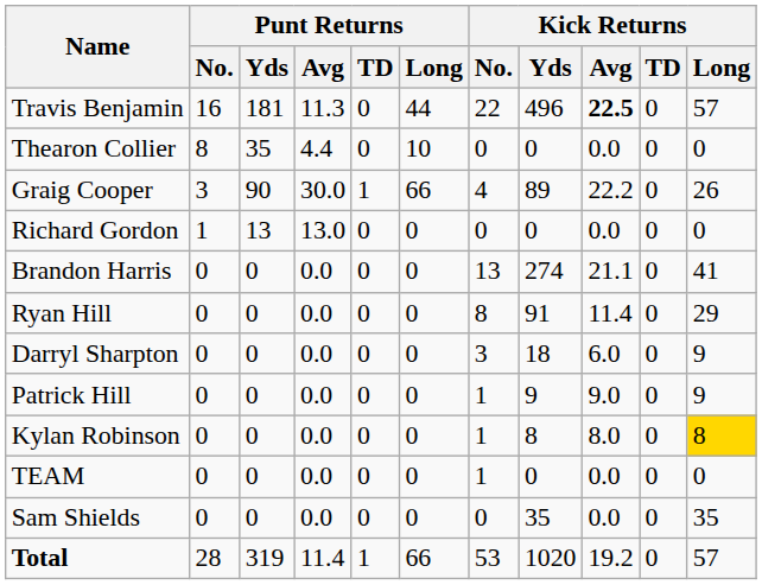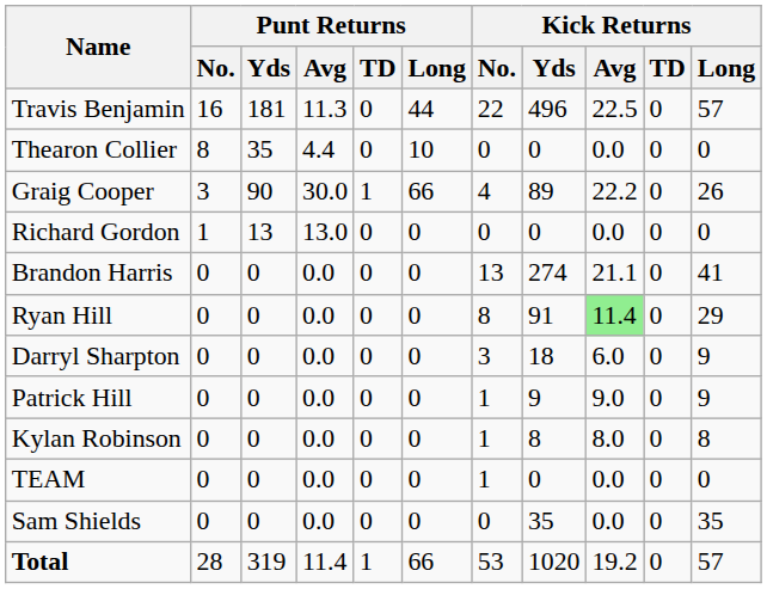 <table class="wikitable" style="white-space:nowrap;">
 <tr>
 <th rowspan="2">Name</th>
 <th colspan="5">Punt Returns</th>
 <th colspan="5">Kick Returns</th>
 </tr>
 <tr>
 <th>No.</th>
 <th>Yds</th>
 <th>Avg</th>
 <th>TD</th>
 <th>Long</th>
 <th>No.</th>
 <th>Yds</th>
 <th>Avg</th>
 <th>TD</th>
 <th>Long</th>
 </tr>
 <tr>
 <td>Travis Benjamin</td>
 <td>16</td>
 <td>181</td>
 <td>11.3</td>
 <td>0</td>
 <td>44</td>
 <td>22</td>
 <td>496</td>
-<td><strong>22.5</strong></td>
+<td>22.5</td>
 <td>0</td>
 <td>57</td>
 </tr>
 <tr>
 <td>Thearon Collier</td>
 <td>8</td>
 <td>35</td>
 <td>4.4</td>
 <td>0</td>
 <td>10</td>
 <td>0</td>
 <td>0</td>
 <td>0.0</td>
 <td>0</td>
 <td>0</td>
 </tr>
 <tr>
 <td>Graig Cooper</td>
 <td>3</td>
 <td>90</td>
 <td>30.0</td>
 <td>1</td>
 <td>66</td>
 <td>4</td>
 <td>89</td>
 <td>22.2</td>
 <td>0</td>
 <td>26</td>
 </tr>
 <tr>
 <td>Richard Gordon</td>
 <td>1</td>
 <td>13</td>
 <td>13.0</td>
 <td>0</td>
 <td>0</td>
 <td>0</td>
 <td>0</td>
 <td>0.0</td>
 <td>0</td>
 <td>0</td>
 </tr>
 <tr>
 <td>Brandon Harris</td>
 <td>0</td>
 <td>0</td>
 <td>0.0</td>
 <td>0</td>
 <td>0</td>
 <td>13</td>
 <td>274</td>
 <td>21.1</td>
 <td>0</td>
 <td>41</td>
 </tr>
 <tr>
 <td>Ryan Hill</td>
 <td>0</td>
 <td>0</td>
 <td>0.0</td>
 <td>0</td>
 <td>0</td>
 <td>8</td>
 <td>91</td>
-<td>11.4</td>
+<td style="background: lightgreen;">11.4</td>
 <td>0</td>
 <td>29</td>
 </tr>
 <tr>
 <td>Darryl Sharpton</td>
 <td>0</td>
 <td>0</td>
 <td>0.0</td>
 <td>0</td>
 <td>0</td>
 <td>3</td>
 <td>18</td>
 <td>6.0</td>
 <td>0</td>
 <td>9</td>
 </tr>
 <tr>
 <td>Patrick Hill</td>
 <td>0</td>
 <td>0</td>
 <td>0.0</td>
 <td>0</td>
 <td>0</td>
 <td>1</td>
 <td>9</td>
 <td>9.0</td>
 <td>0</td>
 <td>9</td>
 </tr>
 <tr>
 <td>Kylan Robinson</td>
 <td>0</td>
 <td>0</td>
 <td>0.0</td>
 <td>0</td>
 <td>0</td>
 <td>1</td>
 <td>8</td>
 <td>8.0</td>
 <td>0</td>
-<td style="background: gold;">8</td>
+<td>8</td>
 </tr>
 <tr>
 <td>TEAM</td>
 <td>0</td>
 <td>0</td>
 <td>0.0</td>
 <td>0</td>
 <td>0</td>
 <td>1</td>
 <td>0</td>
 <td>0.0</td>
 <td>0</td>
 <td>0</td>
 </tr>
 <tr>
 <td>Sam Shields</td>
 <td>0</td>
 <td>0</td>
 <td>0.0</td>
 <td>0</td>
 <td>0</td>
 <td>0</td>
 <td>35</td>
 <td>0.0</td>
 <td>0</td>
 <td>35</td>
 </tr>
 <tr>
 <td><strong>Total</strong></td>
 <td>28</td>
 <td>319</td>
 <td>11.4</td>
 <td>1</td>
 <td>66</td>
 <td>53</td>
 <td>1020</td>
 <td>19.2</td>
 <td>0</td>
 <td>57</td>
 </tr>
 </table>
